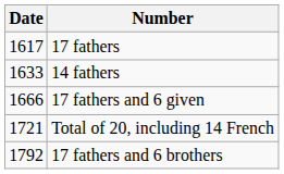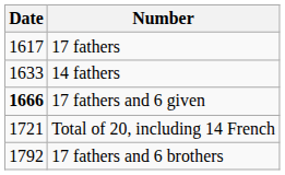 <table class="wikitable">
 <tr>
 <th>Date</th>
 <th>Number</th>
 </tr>
 <tr>
 <td>1617</td>
 <td>17 fathers</td>
 </tr>
 <tr>
 <td>1633</td>
 <td>14 fathers</td>
 </tr>
 <tr>
-<td>1666</td>
+<td><strong>1666</strong></td>
 <td>17 fathers and 6 given</td>
 </tr>
 <tr>
 <td>1721</td>
 <td>Total of 20, including 14 French</td>
 </tr>
 <tr>
 <td>1792</td>
 <td>17 fathers and 6 brothers</td>
 </tr>
 </table>
